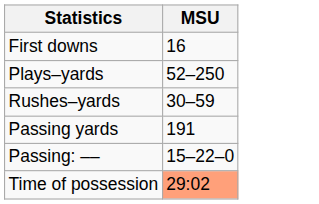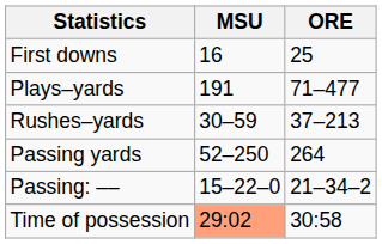 <table class="wikitable" style="float:left">
 <tr>
 <th>Statistics</th>
 <th>MSU</th>
+<th>ORE</th>
 </tr>
 <tr>
 <td>First downs</td>
 <td>16</td>
+<td>25</td>
 </tr>
 <tr>
 <td>Plays–yards</td>
-<td>52–250</td>
+<td>191</td>
+<td>71–477</td>
 </tr>
 <tr>
 <td>Rushes–yards</td>
 <td>30–59</td>
+<td>37–213</td>
 </tr>
 <tr>
 <td>Passing yards</td>
-<td>191</td>
+<td>52–250</td>
+<td>264</td>
 </tr>
 <tr>
 <td>Passing: ––</td>
 <td>15–22–0</td>
+<td>21–34–2</td>
 </tr>
 <tr>
 <td>Time of possession</td>
 <td style="background: lightsalmon;">29:02</td>
+<td>30:58</td>
 </tr>
 </table>
